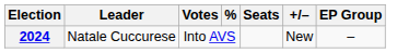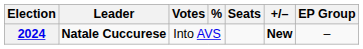 <table class="wikitable" style="text-align:center">
 <tr>
 <th>Election</th>
 <th>Leader</th>
 <th>Votes</th>
 <th>%</th>
 <th>Seats</th>
 <th>+/–</th>
 <th>EP Group</th>
 </tr>
 <tr>
 <th><a href='#'>2024</a></th>
-<td>Natale Cuccurese</td>
+<td><strong>Natale Cuccurese</strong></td>
 <td colspan="2">Into <a href='#'>AVS</a></td>
 <td></td>
-<td>New</td>
+<td><strong>New</strong></td>
 <td>–</td>
 </tr>
 </table>
